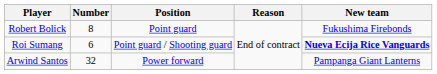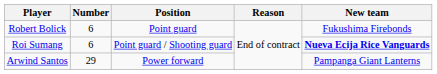 <table class="wikitable sortable sortable">
 <tr>
 <th>Player</th>
 <th>Number</th>
 <th>Position</th>
 <th>Reason</th>
 <th>New team</th>
 </tr>
 <tr style="text-align: center">
 <td><a href='#'>Robert Bolick</a></td>
-<td>8</td>
+<td>6</td>
 <td><a href='#'>Point guard</a></td>
 <td rowspan=3>End of contract</td>
 <td><a href='#'>Fukushima Firebonds</a> </td>
 </tr>
 <tr style="text-align: center">
 <td><a href='#'>Roi Sumang</a></td>
 <td>6</td>
 <td><a href='#'>Point guard</a> / <a href='#'>Shooting guard</a></td>
 <td><strong><a href='#'>Nueva Ecija Rice Vanguards</a> </strong></td>
 </tr>
 <tr style="text-align: center">
 <td><a href='#'>Arwind Santos</a></td>
-<td>32</td>
+<td>29</td>
 <td><a href='#'>Power forward</a></td>
 <td><a href='#'>Pampanga Giant Lanterns</a> </td>
 </tr>
 </table>
